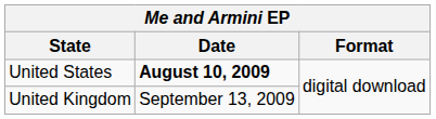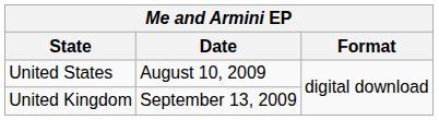 <table class="wikitable">
 <tr>
 <th colspan="3"><em>Me and Armini</em> EP</th>
 </tr>
 <tr>
 <th>State</th>
 <th>Date</th>
 <th>Format</th>
 </tr>
 <tr>
 <td>United States</td>
-<td><strong>August 10, 2009</strong></td>
+<td>August 10, 2009</td>
 <td rowspan="2">digital download</td>
 </tr>
 <tr>
 <td>United Kingdom</td>
 <td>September 13, 2009</td>
 </tr>
 </table>
